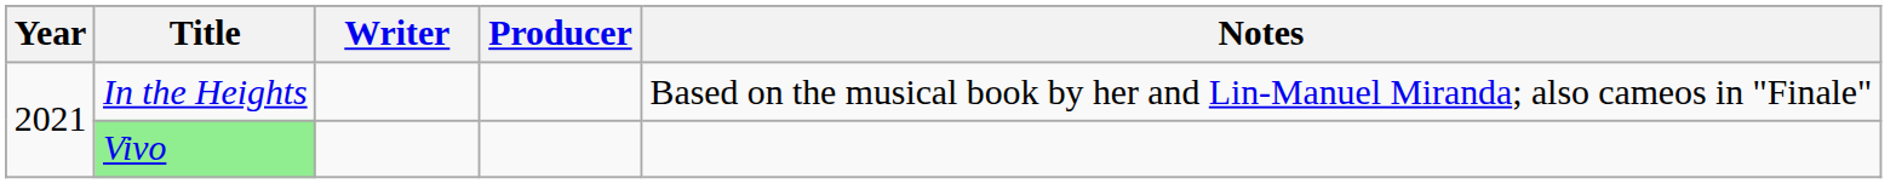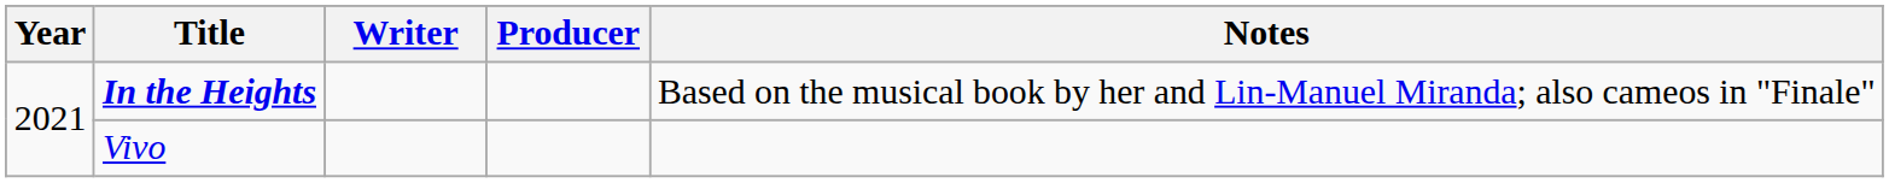 <table class="wikitable">
 <tr>
 <th>Year</th>
 <th>Title</th>
 <th width="65"><a href='#'>Writer</a></th>
 <th width="65"><a href='#'>Producer</a></th>
 <th>Notes</th>
 </tr>
 <tr>
 <td rowspan="2">2021</td>
-<td><em><a href='#'>In the Heights</a></em></td>
+<td><strong><em><a href='#'>In the Heights</a></em></strong></td>
 <td></td>
 <td></td>
 <td>Based on the musical book by her and <a href='#'>Lin-Manuel Miranda</a>; also cameos in "Finale"</td>
 </tr>
 <tr>
-<td style="background: lightgreen;"><em><a href='#'>Vivo</a></em></td>
+<td><em><a href='#'>Vivo</a></em></td>
 <td></td>
 <td></td>
 <td></td>
 </tr>
 </table>
